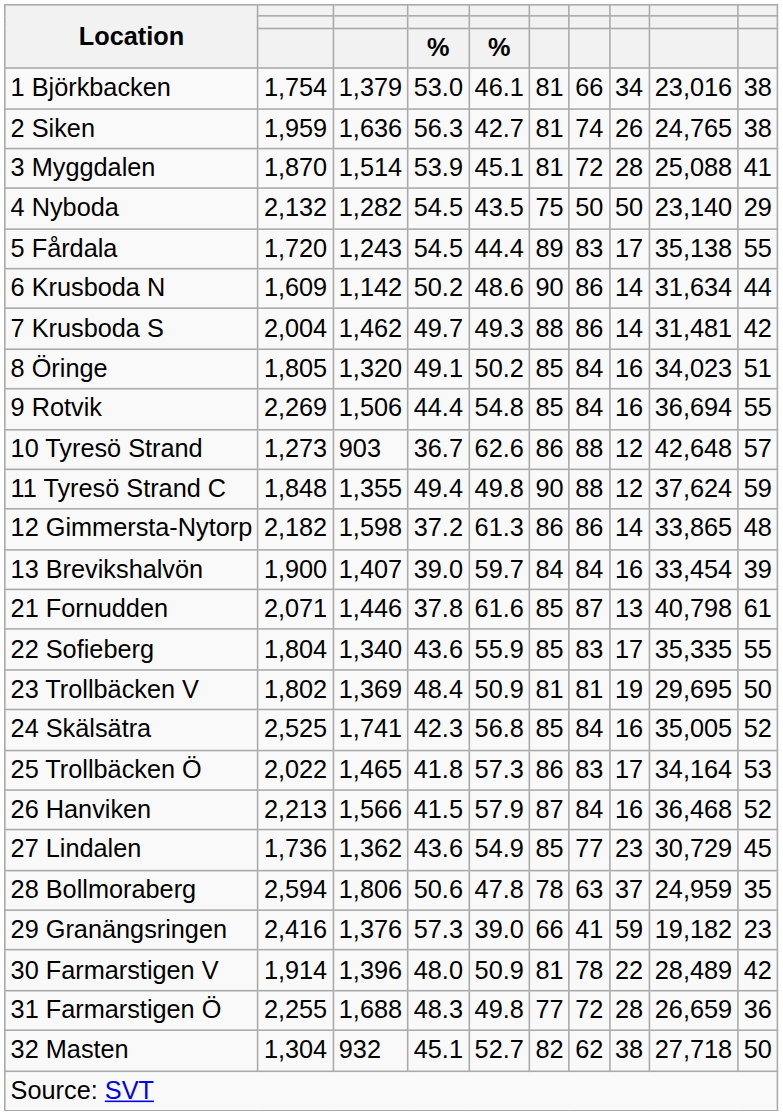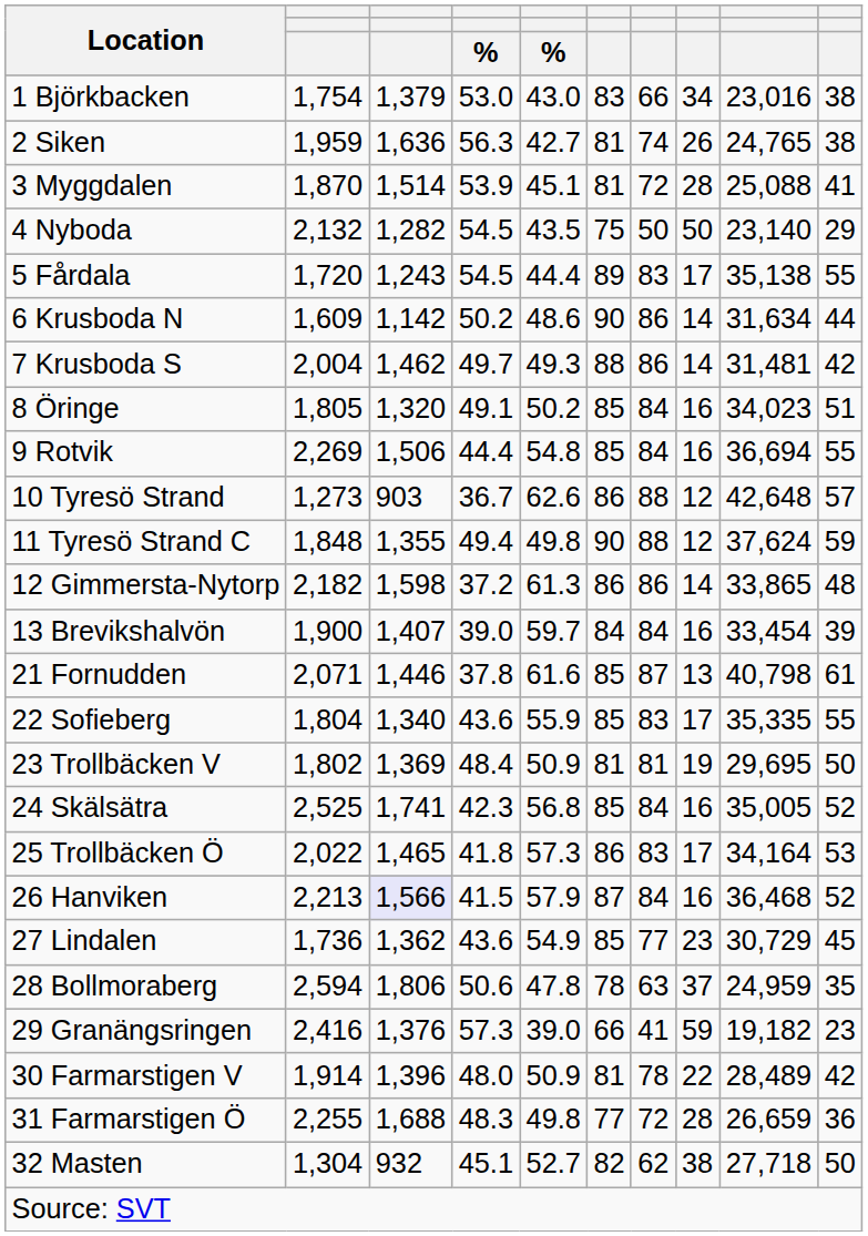 <table role="presentation" class="wikitable sortable mw-collapsible mw-collapsed">
 <tr>
 <th rowspan="3">Location</th>
 <th></th>
 <th></th>
 <th></th>
 <th></th>
 <th></th>
 <th></th>
 <th></th>
 <th></th>
 <th></th>
 </tr>
 <tr>
 <th></th>
 <th></th>
 <th style="background:"></th>
 <th style="background:"></th>
 <th></th>
 <th></th>
 <th></th>
 <th></th>
 <th></th>
 </tr>
 <tr>
 <th data-sort-type="number"></th>
 <th data-sort-type="number"></th>
 <th data-sort-type="number">%</th>
 <th data-sort-type="number">%</th>
 <th data-sort-type="number"></th>
 <th data-sort-type="number"></th>
 <th data-sort-type="number"></th>
 <th data-sort-type="number"></th>
 <th data-sort-type="number"></th>
 </tr>
 <tr>
 <td align="left">1 Björkbacken</td>
 <td>1,754</td>
 <td>1,379</td>
 <td>53.0</td>
-<td>46.1</td>
-<td>81</td>
+<td>43.0</td>
+<td>83</td>
 <td>66</td>
 <td>34</td>
 <td>23,016</td>
 <td>38</td>
 </tr>
 <tr>
 <td align="left">2 Siken</td>
 <td>1,959</td>
 <td>1,636</td>
 <td>56.3</td>
 <td>42.7</td>
 <td>81</td>
 <td>74</td>
 <td>26</td>
 <td>24,765</td>
 <td>38</td>
 </tr>
 <tr>
 <td align="left">3 Myggdalen</td>
 <td>1,870</td>
 <td>1,514</td>
 <td>53.9</td>
 <td>45.1</td>
 <td>81</td>
 <td>72</td>
 <td>28</td>
 <td>25,088</td>
 <td>41</td>
 </tr>
 <tr>
 <td align="left">4 Nyboda</td>
 <td>2,132</td>
 <td>1,282</td>
 <td>54.5</td>
 <td>43.5</td>
 <td>75</td>
 <td>50</td>
 <td>50</td>
 <td>23,140</td>
 <td>29</td>
 </tr>
 <tr>
 <td align="left">5 Fårdala</td>
 <td>1,720</td>
 <td>1,243</td>
 <td>54.5</td>
 <td>44.4</td>
 <td>89</td>
 <td>83</td>
 <td>17</td>
 <td>35,138</td>
 <td>55</td>
 </tr>
 <tr>
 <td align="left">6 Krusboda N</td>
 <td>1,609</td>
 <td>1,142</td>
 <td>50.2</td>
 <td>48.6</td>
 <td>90</td>
 <td>86</td>
 <td>14</td>
 <td>31,634</td>
 <td>44</td>
 </tr>
 <tr>
 <td align="left">7 Krusboda S</td>
 <td>2,004</td>
 <td>1,462</td>
 <td>49.7</td>
 <td>49.3</td>
 <td>88</td>
 <td>86</td>
 <td>14</td>
 <td>31,481</td>
 <td>42</td>
 </tr>
 <tr>
 <td align="left">8 Öringe</td>
 <td>1,805</td>
 <td>1,320</td>
 <td>49.1</td>
 <td>50.2</td>
 <td>85</td>
 <td>84</td>
 <td>16</td>
 <td>34,023</td>
 <td>51</td>
 </tr>
 <tr>
 <td align="left">9 Rotvik</td>
 <td>2,269</td>
 <td>1,506</td>
 <td>44.4</td>
 <td>54.8</td>
 <td>85</td>
 <td>84</td>
 <td>16</td>
 <td>36,694</td>
 <td>55</td>
 </tr>
 <tr>
 <td align="left">10 Tyresö Strand</td>
 <td>1,273</td>
 <td>903</td>
 <td>36.7</td>
 <td>62.6</td>
 <td>86</td>
 <td>88</td>
 <td>12</td>
 <td>42,648</td>
 <td>57</td>
 </tr>
 <tr>
 <td align="left">11 Tyresö Strand C</td>
 <td>1,848</td>
 <td>1,355</td>
 <td>49.4</td>
 <td>49.8</td>
 <td>90</td>
 <td>88</td>
 <td>12</td>
 <td>37,624</td>
 <td>59</td>
 </tr>
 <tr>
 <td align="left">12 Gimmersta-Nytorp</td>
 <td>2,182</td>
 <td>1,598</td>
 <td>37.2</td>
 <td>61.3</td>
 <td>86</td>
 <td>86</td>
 <td>14</td>
 <td>33,865</td>
 <td>48</td>
 </tr>
 <tr>
 <td align="left">13 Brevikshalvön</td>
 <td>1,900</td>
 <td>1,407</td>
 <td>39.0</td>
 <td>59.7</td>
 <td>84</td>
 <td>84</td>
 <td>16</td>
 <td>33,454</td>
 <td>39</td>
 </tr>
 <tr>
 <td align="left">21 Fornudden</td>
 <td>2,071</td>
 <td>1,446</td>
 <td>37.8</td>
 <td>61.6</td>
 <td>85</td>
 <td>87</td>
 <td>13</td>
 <td>40,798</td>
 <td>61</td>
 </tr>
 <tr>
 <td align="left">22 Sofieberg</td>
 <td>1,804</td>
 <td>1,340</td>
 <td>43.6</td>
 <td>55.9</td>
 <td>85</td>
 <td>83</td>
 <td>17</td>
 <td>35,335</td>
 <td>55</td>
 </tr>
 <tr>
 <td align="left">23 Trollbäcken V</td>
 <td>1,802</td>
 <td>1,369</td>
 <td>48.4</td>
 <td>50.9</td>
 <td>81</td>
 <td>81</td>
 <td>19</td>
 <td>29,695</td>
 <td>50</td>
 </tr>
 <tr>
 <td align="left">24 Skälsätra</td>
 <td>2,525</td>
 <td>1,741</td>
 <td>42.3</td>
 <td>56.8</td>
 <td>85</td>
 <td>84</td>
 <td>16</td>
 <td>35,005</td>
 <td>52</td>
 </tr>
 <tr>
 <td align="left">25 Trollbäcken Ö</td>
 <td>2,022</td>
 <td>1,465</td>
 <td>41.8</td>
 <td>57.3</td>
 <td>86</td>
 <td>83</td>
 <td>17</td>
 <td>34,164</td>
 <td>53</td>
 </tr>
 <tr>
 <td align="left">26 Hanviken</td>
 <td>2,213</td>
-<td>1,566</td>
+<td style="background: lavender;">1,566</td>
 <td>41.5</td>
 <td>57.9</td>
 <td>87</td>
 <td>84</td>
 <td>16</td>
 <td>36,468</td>
 <td>52</td>
 </tr>
 <tr>
 <td align="left">27 Lindalen</td>
 <td>1,736</td>
 <td>1,362</td>
 <td>43.6</td>
 <td>54.9</td>
 <td>85</td>
 <td>77</td>
 <td>23</td>
 <td>30,729</td>
 <td>45</td>
 </tr>
 <tr>
 <td align="left">28 Bollmoraberg</td>
 <td>2,594</td>
 <td>1,806</td>
 <td>50.6</td>
 <td>47.8</td>
 <td>78</td>
 <td>63</td>
 <td>37</td>
 <td>24,959</td>
 <td>35</td>
 </tr>
 <tr>
 <td align="left">29 Granängsringen</td>
 <td>2,416</td>
 <td>1,376</td>
 <td>57.3</td>
 <td>39.0</td>
 <td>66</td>
 <td>41</td>
 <td>59</td>
 <td>19,182</td>
 <td>23</td>
 </tr>
 <tr>
 <td align="left">30 Farmarstigen V</td>
 <td>1,914</td>
 <td>1,396</td>
 <td>48.0</td>
 <td>50.9</td>
 <td>81</td>
 <td>78</td>
 <td>22</td>
 <td>28,489</td>
 <td>42</td>
 </tr>
 <tr>
 <td align="left">31 Farmarstigen Ö</td>
 <td>2,255</td>
 <td>1,688</td>
 <td>48.3</td>
 <td>49.8</td>
 <td>77</td>
 <td>72</td>
 <td>28</td>
 <td>26,659</td>
 <td>36</td>
 </tr>
 <tr>
 <td align="left">32 Masten</td>
 <td>1,304</td>
 <td>932</td>
 <td>45.1</td>
 <td>52.7</td>
 <td>82</td>
 <td>62</td>
 <td>38</td>
 <td>27,718</td>
 <td>50</td>
 </tr>
 <tr>
 <td colspan="10" align="left">Source: <a href='#'>SVT</a></td>
 </tr>
 </table>
